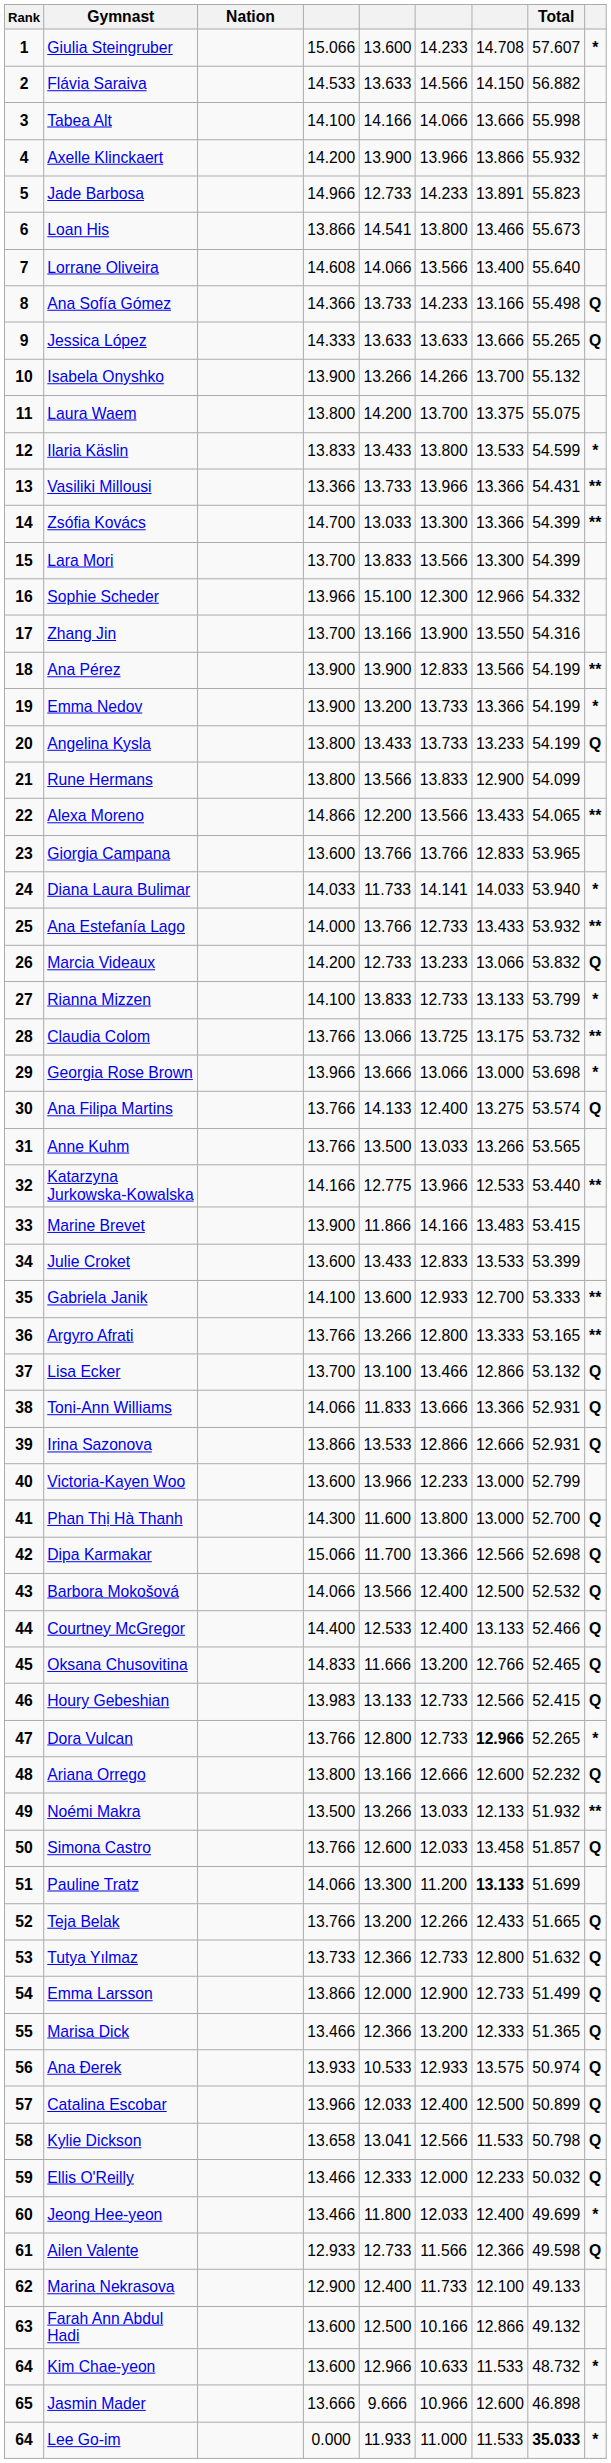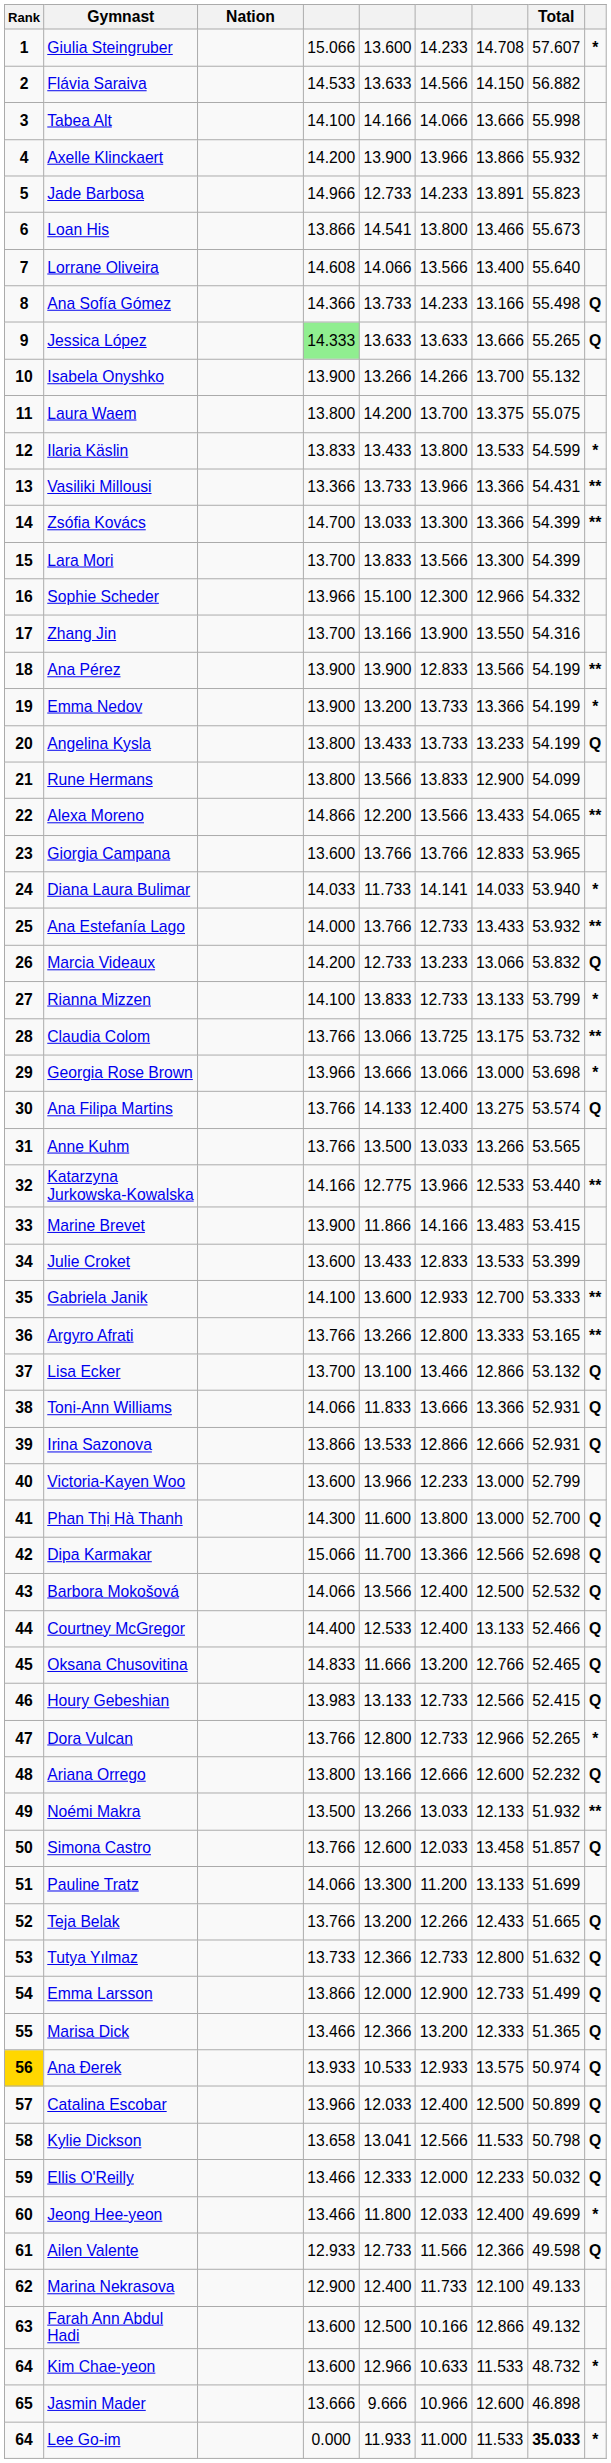 <table class="wikitable sortable" style="text-align:center;">
 <tr>
 <th scope="col" style="width:15px;"><small>Rank</small></th>
 <th scope="col" style="width:150px;">Gymnast</th>
 <th scope="col" style="width:100px;">Nation</th>
 <th scope="col" style="width:50px;"></th>
 <th scope="col" style="width:50px;"></th>
 <th scope="col" style="width:50px;"></th>
 <th scope="col" style="width:50px;"></th>
 <th scope="col" style="width:50px;">Total</th>
 <th scope="col" style="width:15px;"><small></small></th>
 </tr>
 <tr>
 <td scope="row" style="text-align:center"><strong>1</strong></td>
 <td style="height:30px; text-align:left;"><a href='#'>Giulia Steingruber</a></td>
 <td style="text-align:left;"></td>
 <td>15.066</td>
 <td>13.600</td>
 <td>14.233</td>
 <td>14.708</td>
 <td>57.607</td>
 <td><strong>*</strong></td>
 </tr>
 <tr>
 <td scope="row" style="text-align:center"><strong>2</strong></td>
 <td style="height:30px; text-align:left;"><a href='#'>Flávia Saraiva</a></td>
 <td style="text-align:left;"></td>
 <td>14.533</td>
 <td>13.633</td>
 <td>14.566</td>
 <td>14.150</td>
 <td>56.882</td>
 <td></td>
 </tr>
 <tr>
 <td scope="row" style="text-align:center"><strong>3</strong></td>
 <td style="height:30px; text-align:left;"><a href='#'>Tabea Alt</a></td>
 <td style="text-align:left;"></td>
 <td>14.100</td>
 <td>14.166</td>
 <td>14.066</td>
 <td>13.666</td>
 <td>55.998</td>
 <td></td>
 </tr>
 <tr>
 <td scope="row" style="text-align:center"><strong>4</strong></td>
 <td style="height:30px; text-align:left;"><a href='#'>Axelle Klinckaert</a></td>
 <td style="text-align:left;"></td>
 <td>14.200</td>
 <td>13.900</td>
 <td>13.966</td>
 <td>13.866</td>
 <td>55.932</td>
 <td></td>
 </tr>
 <tr>
 <td scope="row" style="text-align:center"><strong>5</strong></td>
 <td style="height:30px; text-align:left;"><a href='#'>Jade Barbosa</a></td>
 <td style="text-align:left;"></td>
 <td>14.966</td>
 <td>12.733</td>
 <td>14.233</td>
 <td>13.891</td>
 <td>55.823</td>
 <td></td>
 </tr>
 <tr>
 <td scope="row" style="text-align:center"><strong>6</strong></td>
 <td style="height:30px; text-align:left;"><a href='#'>Loan His</a></td>
 <td style="text-align:left;"></td>
 <td>13.866</td>
 <td>14.541</td>
 <td>13.800</td>
 <td>13.466</td>
 <td>55.673</td>
 <td></td>
 </tr>
 <tr>
 <td scope="row" style="text-align:center"><strong>7</strong></td>
 <td style="height:30px; text-align:left;"><a href='#'>Lorrane Oliveira</a></td>
 <td style="text-align:left;"></td>
 <td>14.608</td>
 <td>14.066</td>
 <td>13.566</td>
 <td>13.400</td>
 <td>55.640</td>
 <td></td>
 </tr>
 <tr>
 <td scope="row" style="text-align:center"><strong>8</strong></td>
 <td style="height:30px; text-align:left;"><a href='#'>Ana Sofía Gómez</a></td>
 <td style="text-align:left;"></td>
 <td>14.366</td>
 <td>13.733</td>
 <td>14.233</td>
 <td>13.166</td>
 <td>55.498</td>
 <td><strong>Q</strong></td>
 </tr>
 <tr>
 <td scope="row" style="text-align:center"><strong>9</strong></td>
 <td style="height:30px; text-align:left;"><a href='#'>Jessica López</a></td>
 <td style="text-align:left;"></td>
-<td>14.333</td>
+<td style="background: lightgreen;">14.333</td>
 <td>13.633</td>
 <td>13.633</td>
 <td>13.666</td>
 <td>55.265</td>
 <td><strong>Q</strong></td>
 </tr>
 <tr>
 <td scope="row" style="text-align:center"><strong>10</strong></td>
 <td style="height:30px; text-align:left;"><a href='#'>Isabela Onyshko</a></td>
 <td style="text-align:left;"></td>
 <td>13.900</td>
 <td>13.266</td>
 <td>14.266</td>
 <td>13.700</td>
 <td>55.132</td>
 <td></td>
 </tr>
 <tr>
 <td scope="row" style="text-align:center"><strong>11</strong></td>
 <td style="height:30px; text-align:left;"><a href='#'>Laura Waem</a></td>
 <td style="text-align:left;"></td>
 <td>13.800</td>
 <td>14.200</td>
 <td>13.700</td>
 <td>13.375</td>
 <td>55.075</td>
 <td></td>
 </tr>
 <tr>
 <td scope="row" style="text-align:center"><strong>12</strong></td>
 <td style="height:30px; text-align:left;"><a href='#'>Ilaria Käslin</a></td>
 <td style="text-align:left;"></td>
 <td>13.833</td>
 <td>13.433</td>
 <td>13.800</td>
 <td>13.533</td>
 <td>54.599</td>
 <td><strong>*</strong></td>
 </tr>
 <tr>
 <td scope="row" style="text-align:center"><strong>13</strong></td>
 <td style="height:30px; text-align:left;"><a href='#'>Vasiliki Millousi</a></td>
 <td style="text-align:left;"></td>
 <td>13.366</td>
 <td>13.733</td>
 <td>13.966</td>
 <td>13.366</td>
 <td>54.431</td>
 <td><strong>**</strong></td>
 </tr>
 <tr>
 <td scope="row" style="text-align:center"><strong>14</strong></td>
 <td style="height:30px; text-align:left;"><a href='#'>Zsófia Kovács</a></td>
 <td style="text-align:left;"></td>
 <td>14.700</td>
 <td>13.033</td>
 <td>13.300</td>
 <td>13.366</td>
 <td>54.399</td>
 <td><strong>**</strong></td>
 </tr>
 <tr>
 <td scope="row" style="text-align:center"><strong>15</strong></td>
 <td style="height:30px; text-align:left;"><a href='#'>Lara Mori</a></td>
 <td style="text-align:left;"></td>
 <td>13.700</td>
 <td>13.833</td>
 <td>13.566</td>
 <td>13.300</td>
 <td>54.399</td>
 <td></td>
 </tr>
 <tr>
 <td scope="row" style="text-align:center"><strong>16</strong></td>
 <td style="height:30px; text-align:left;"><a href='#'>Sophie Scheder</a></td>
 <td style="text-align:left;"></td>
 <td>13.966</td>
 <td>15.100</td>
 <td>12.300</td>
 <td>12.966</td>
 <td>54.332</td>
 <td></td>
 </tr>
 <tr>
 <td scope="row" style="text-align:center"><strong>17</strong></td>
 <td style="height:30px; text-align:left;"><a href='#'>Zhang Jin</a></td>
 <td style="text-align:left;"></td>
 <td>13.700</td>
 <td>13.166</td>
 <td>13.900</td>
 <td>13.550</td>
 <td>54.316</td>
 <td></td>
 </tr>
 <tr>
 <td scope="row" style="text-align:center"><strong>18</strong></td>
 <td style="height:30px; text-align:left;"><a href='#'>Ana Pérez</a></td>
 <td style="text-align:left;"></td>
 <td>13.900</td>
 <td>13.900</td>
 <td>12.833</td>
 <td>13.566</td>
 <td>54.199</td>
 <td><strong>**</strong></td>
 </tr>
 <tr>
 <td scope="row" style="text-align:center"><strong>19</strong></td>
 <td style="height:30px; text-align:left;"><a href='#'>Emma Nedov</a></td>
 <td style="text-align:left;"></td>
 <td>13.900</td>
 <td>13.200</td>
 <td>13.733</td>
 <td>13.366</td>
 <td>54.199</td>
 <td><strong>*</strong></td>
 </tr>
 <tr>
 <td scope="row" style="text-align:center"><strong>20</strong></td>
 <td style="height:30px; text-align:left;"><a href='#'>Angelina Kysla</a></td>
 <td style="text-align:left;"></td>
 <td>13.800</td>
 <td>13.433</td>
 <td>13.733</td>
 <td>13.233</td>
 <td>54.199</td>
 <td><strong>Q</strong></td>
 </tr>
 <tr>
 <td scope="row" style="text-align:center"><strong>21</strong></td>
 <td style="height:30px; text-align:left;"><a href='#'>Rune Hermans</a></td>
 <td style="text-align:left;"></td>
 <td>13.800</td>
 <td>13.566</td>
 <td>13.833</td>
 <td>12.900</td>
 <td>54.099</td>
 <td></td>
 </tr>
 <tr>
 <td scope="row" style="text-align:center"><strong>22</strong></td>
 <td style="height:30px; text-align:left;"><a href='#'>Alexa Moreno</a></td>
 <td style="text-align:left;"></td>
 <td>14.866</td>
 <td>12.200</td>
 <td>13.566</td>
 <td>13.433</td>
 <td>54.065</td>
 <td><strong>**</strong></td>
 </tr>
 <tr>
 <td scope="row" style="text-align:center"><strong>23</strong></td>
 <td style="height:30px; text-align:left;"><a href='#'>Giorgia Campana</a></td>
 <td style="text-align:left;"></td>
 <td>13.600</td>
 <td>13.766</td>
 <td>13.766</td>
 <td>12.833</td>
 <td>53.965</td>
 <td></td>
 </tr>
 <tr>
 <td scope="row" style="text-align:center"><strong>24</strong></td>
 <td style="height:30px; text-align:left;"><a href='#'>Diana Laura Bulimar</a></td>
 <td style="text-align:left;"></td>
 <td>14.033</td>
 <td>11.733</td>
 <td>14.141</td>
 <td>14.033</td>
 <td>53.940</td>
 <td><strong>*</strong></td>
 </tr>
 <tr>
 <td scope="row" style="text-align:center"><strong>25</strong></td>
 <td style="height:30px; text-align:left;"><a href='#'>Ana Estefanía Lago</a></td>
 <td style="text-align:left;"></td>
 <td>14.000</td>
 <td>13.766</td>
 <td>12.733</td>
 <td>13.433</td>
 <td>53.932</td>
 <td><strong>**</strong></td>
 </tr>
 <tr>
 <td scope="row" style="text-align:center"><strong>26</strong></td>
 <td style="height:30px; text-align:left;"><a href='#'>Marcia Videaux</a></td>
 <td style="text-align:left;"></td>
 <td>14.200</td>
 <td>12.733</td>
 <td>13.233</td>
 <td>13.066</td>
 <td>53.832</td>
 <td><strong>Q</strong></td>
 </tr>
 <tr>
 <td scope="row" style="text-align:center"><strong>27</strong></td>
 <td style="height:30px; text-align:left;"><a href='#'>Rianna Mizzen</a></td>
 <td style="text-align:left;"></td>
 <td>14.100</td>
 <td>13.833</td>
 <td>12.733</td>
 <td>13.133</td>
 <td>53.799</td>
 <td><strong>*</strong></td>
 </tr>
 <tr>
 <td scope="row" style="text-align:center"><strong>28</strong></td>
 <td style="height:30px; text-align:left;"><a href='#'>Claudia Colom</a></td>
 <td style="text-align:left;"></td>
 <td>13.766</td>
 <td>13.066</td>
 <td>13.725</td>
 <td>13.175</td>
 <td>53.732</td>
 <td><strong>**</strong></td>
 </tr>
 <tr>
 <td scope="row" style="text-align:center"><strong>29</strong></td>
 <td style="height:30px; text-align:left;"><a href='#'>Georgia Rose Brown</a></td>
 <td style="text-align:left;"></td>
 <td>13.966</td>
 <td>13.666</td>
 <td>13.066</td>
 <td>13.000</td>
 <td>53.698</td>
 <td><strong>*</strong></td>
 </tr>
 <tr>
 <td scope="row" style="text-align:center"><strong>30</strong></td>
 <td style="height:30px; text-align:left;"><a href='#'>Ana Filipa Martins</a></td>
 <td style="text-align:left;"></td>
 <td>13.766</td>
 <td>14.133</td>
 <td>12.400</td>
 <td>13.275</td>
 <td>53.574</td>
 <td><strong>Q</strong></td>
 </tr>
 <tr>
 <td scope="row" style="text-align:center"><strong>31</strong></td>
 <td style="height:30px; text-align:left;"><a href='#'>Anne Kuhm</a></td>
 <td style="text-align:left;"></td>
 <td>13.766</td>
 <td>13.500</td>
 <td>13.033</td>
 <td>13.266</td>
 <td>53.565</td>
 <td></td>
 </tr>
 <tr>
 <td scope="row" style="text-align:center"><strong>32</strong></td>
 <td style="height:30px; text-align:left;"><a href='#'>Katarzyna Jurkowska-Kowalska</a></td>
 <td style="text-align:left;"></td>
 <td>14.166</td>
 <td>12.775</td>
 <td>13.966</td>
 <td>12.533</td>
 <td>53.440</td>
 <td><strong>**</strong></td>
 </tr>
 <tr>
 <td scope="row" style="text-align:center"><strong>33</strong></td>
 <td style="height:30px; text-align:left;"><a href='#'>Marine Brevet</a></td>
 <td style="text-align:left;"></td>
 <td>13.900</td>
 <td>11.866</td>
 <td>14.166</td>
 <td>13.483</td>
 <td>53.415</td>
 <td></td>
 </tr>
 <tr>
 <td scope="row" style="text-align:center"><strong>34</strong></td>
 <td style="height:30px; text-align:left;"><a href='#'>Julie Croket</a></td>
 <td style="text-align:left;"></td>
 <td>13.600</td>
 <td>13.433</td>
 <td>12.833</td>
 <td>13.533</td>
 <td>53.399</td>
 <td></td>
 </tr>
 <tr>
 <td scope="row" style="text-align:center"><strong>35</strong></td>
 <td style="height:30px; text-align:left;"><a href='#'>Gabriela Janik</a></td>
 <td style="text-align:left;"></td>
 <td>14.100</td>
 <td>13.600</td>
 <td>12.933</td>
 <td>12.700</td>
 <td>53.333</td>
 <td><strong>**</strong></td>
 </tr>
 <tr>
 <td scope="row" style="text-align:center"><strong>36</strong></td>
 <td style="height:30px; text-align:left;"><a href='#'>Argyro Afrati</a></td>
 <td style="text-align:left;"></td>
 <td>13.766</td>
 <td>13.266</td>
 <td>12.800</td>
 <td>13.333</td>
 <td>53.165</td>
 <td><strong>**</strong></td>
 </tr>
 <tr>
 <td scope="row" style="text-align:center"><strong>37</strong></td>
 <td style="height:30px; text-align:left;"><a href='#'>Lisa Ecker</a></td>
 <td style="text-align:left;"></td>
 <td>13.700</td>
 <td>13.100</td>
 <td>13.466</td>
 <td>12.866</td>
 <td>53.132</td>
 <td><strong>Q</strong></td>
 </tr>
 <tr>
 <td scope="row" style="text-align:center"><strong>38</strong></td>
 <td style="height:30px; text-align:left;"><a href='#'>Toni-Ann Williams</a></td>
 <td style="text-align:left;"></td>
 <td>14.066</td>
 <td>11.833</td>
 <td>13.666</td>
 <td>13.366</td>
 <td>52.931</td>
 <td><strong>Q</strong></td>
 </tr>
 <tr>
 <td scope="row" style="text-align:center"><strong>39</strong></td>
 <td style="height:30px; text-align:left;"><a href='#'>Irina Sazonova</a></td>
 <td style="text-align:left;"></td>
 <td>13.866</td>
 <td>13.533</td>
 <td>12.866</td>
 <td>12.666</td>
 <td>52.931</td>
 <td><strong>Q</strong></td>
 </tr>
 <tr>
 <td scope="row" style="text-align:center"><strong>40</strong></td>
 <td style="height:30px; text-align:left;"><a href='#'>Victoria-Kayen Woo</a></td>
 <td style="text-align:left;"></td>
 <td>13.600</td>
 <td>13.966</td>
 <td>12.233</td>
 <td>13.000</td>
 <td>52.799</td>
 <td></td>
 </tr>
 <tr>
 <td scope="row" style="text-align:center"><strong>41</strong></td>
 <td style="height:30px; text-align:left;"><a href='#'>Phan Thị Hà Thanh</a></td>
 <td style="text-align:left;"></td>
 <td>14.300</td>
 <td>11.600</td>
 <td>13.800</td>
 <td>13.000</td>
 <td>52.700</td>
 <td><strong>Q</strong></td>
 </tr>
 <tr>
 <td scope="row" style="text-align:center"><strong>42</strong></td>
 <td style="height:30px; text-align:left;"><a href='#'>Dipa Karmakar</a></td>
 <td style="text-align:left;"></td>
 <td>15.066</td>
 <td>11.700</td>
 <td>13.366</td>
 <td>12.566</td>
 <td>52.698</td>
 <td><strong>Q</strong></td>
 </tr>
 <tr>
 <td scope="row" style="text-align:center"><strong>43</strong></td>
 <td style="height:30px; text-align:left;"><a href='#'>Barbora Mokošová</a></td>
 <td style="text-align:left;"></td>
 <td>14.066</td>
 <td>13.566</td>
 <td>12.400</td>
 <td>12.500</td>
 <td>52.532</td>
 <td><strong>Q</strong></td>
 </tr>
 <tr>
 <td scope="row" style="text-align:center"><strong>44</strong></td>
 <td style="height:30px; text-align:left;"><a href='#'>Courtney McGregor</a></td>
 <td style="text-align:left;"></td>
 <td>14.400</td>
 <td>12.533</td>
 <td>12.400</td>
 <td>13.133</td>
 <td>52.466</td>
 <td><strong>Q</strong></td>
 </tr>
 <tr>
 <td scope="row" style="text-align:center"><strong>45</strong></td>
 <td style="height:30px; text-align:left;"><a href='#'>Oksana Chusovitina</a></td>
 <td style="text-align:left;"></td>
 <td>14.833</td>
 <td>11.666</td>
 <td>13.200</td>
 <td>12.766</td>
 <td>52.465</td>
 <td><strong>Q</strong></td>
 </tr>
 <tr>
 <td scope="row" style="text-align:center"><strong>46</strong></td>
 <td style="height:30px; text-align:left;"><a href='#'>Houry Gebeshian</a></td>
 <td style="text-align:left;"></td>
 <td>13.983</td>
 <td>13.133</td>
 <td>12.733</td>
 <td>12.566</td>
 <td>52.415</td>
 <td><strong>Q</strong></td>
 </tr>
 <tr>
 <td scope="row" style="text-align:center"><strong>47</strong></td>
 <td style="height:30px; text-align:left;"><a href='#'>Dora Vulcan</a></td>
 <td style="text-align:left;"></td>
 <td>13.766</td>
 <td>12.800</td>
 <td>12.733</td>
-<td><strong>12.966</strong></td>
+<td>12.966</td>
 <td>52.265</td>
 <td><strong>*</strong></td>
 </tr>
 <tr>
 <td scope="row" style="text-align:center"><strong>48</strong></td>
 <td style="height:30px; text-align:left;"><a href='#'>Ariana Orrego</a></td>
 <td style="text-align:left;"></td>
 <td>13.800</td>
 <td>13.166</td>
 <td>12.666</td>
 <td>12.600</td>
 <td>52.232</td>
 <td><strong>Q</strong></td>
 </tr>
 <tr>
 <td scope="row" style="text-align:center"><strong>49</strong></td>
 <td style="height:30px; text-align:left;"><a href='#'>Noémi Makra</a></td>
 <td style="text-align:left;"></td>
 <td>13.500</td>
 <td>13.266</td>
 <td>13.033</td>
 <td>12.133</td>
 <td>51.932</td>
 <td><strong>**</strong></td>
 </tr>
 <tr>
 <td scope="row" style="text-align:center"><strong>50</strong></td>
 <td style="height:30px; text-align:left;"><a href='#'>Simona Castro</a></td>
 <td style="text-align:left;"></td>
 <td>13.766</td>
 <td>12.600</td>
 <td>12.033</td>
 <td>13.458</td>
 <td>51.857</td>
 <td><strong>Q</strong></td>
 </tr>
 <tr>
 <td scope="row" style="text-align:center"><strong>51</strong></td>
 <td style="height:30px; text-align:left;"><a href='#'>Pauline Tratz</a></td>
 <td style="text-align:left;"></td>
 <td>14.066</td>
 <td>13.300</td>
 <td>11.200</td>
-<td><strong>13.133</strong></td>
+<td>13.133</td>
 <td>51.699</td>
 <td></td>
 </tr>
 <tr>
 <td scope="row" style="text-align:center"><strong>52</strong></td>
 <td style="height:30px; text-align:left;"><a href='#'>Teja Belak</a></td>
 <td style="text-align:left;"></td>
 <td>13.766</td>
 <td>13.200</td>
 <td>12.266</td>
 <td>12.433</td>
 <td>51.665</td>
 <td><strong>Q</strong></td>
 </tr>
 <tr>
 <td scope="row" style="text-align:center"><strong>53</strong></td>
 <td style="height:30px; text-align:left;"><a href='#'>Tutya Yılmaz</a></td>
 <td style="text-align:left;"></td>
 <td>13.733</td>
 <td>12.366</td>
 <td>12.733</td>
 <td>12.800</td>
 <td>51.632</td>
 <td><strong>Q</strong></td>
 </tr>
 <tr>
 <td scope="row" style="text-align:center"><strong>54</strong></td>
 <td style="height:30px; text-align:left;"><a href='#'>Emma Larsson</a></td>
 <td style="text-align:left;"></td>
 <td>13.866</td>
 <td>12.000</td>
 <td>12.900</td>
 <td>12.733</td>
 <td>51.499</td>
 <td><strong>Q</strong></td>
 </tr>
 <tr>
 <td scope="row" style="text-align:center"><strong>55</strong></td>
 <td style="height:30px; text-align:left;"><a href='#'>Marisa Dick</a></td>
 <td style="text-align:left;"></td>
 <td>13.466</td>
 <td>12.366</td>
 <td>13.200</td>
 <td>12.333</td>
 <td>51.365</td>
 <td><strong>Q</strong></td>
 </tr>
 <tr>
-<td scope="row" style="text-align:center"><strong>56</strong></td>
+<td scope="row" style="background: gold; text-align:center"><strong>56</strong></td>
 <td style="height:30px; text-align:left;"><a href='#'>Ana Đerek</a></td>
 <td style="text-align:left;"></td>
 <td>13.933</td>
 <td>10.533</td>
 <td>12.933</td>
 <td>13.575</td>
 <td>50.974</td>
 <td><strong>Q</strong></td>
 </tr>
 <tr>
 <td scope="row" style="text-align:center"><strong>57</strong></td>
 <td style="height:30px; text-align:left;"><a href='#'>Catalina Escobar</a></td>
 <td style="text-align:left;"></td>
 <td>13.966</td>
 <td>12.033</td>
 <td>12.400</td>
 <td>12.500</td>
 <td>50.899</td>
 <td><strong>Q</strong></td>
 </tr>
 <tr>
 <td scope="row" style="text-align:center"><strong>58</strong></td>
 <td style="height:30px; text-align:left;"><a href='#'>Kylie Dickson</a></td>
 <td style="text-align:left;"></td>
 <td>13.658</td>
 <td>13.041</td>
 <td>12.566</td>
 <td>11.533</td>
 <td>50.798</td>
 <td><strong>Q</strong></td>
 </tr>
 <tr>
 <td scope="row" style="text-align:center"><strong>59</strong></td>
 <td style="height:30px; text-align:left;"><a href='#'>Ellis O'Reilly</a></td>
 <td style="text-align:left;"></td>
 <td>13.466</td>
 <td>12.333</td>
 <td>12.000</td>
 <td>12.233</td>
 <td>50.032</td>
 <td><strong>Q</strong></td>
 </tr>
 <tr>
 <td scope="row" style="text-align:center"><strong>60</strong></td>
 <td style="height:30px; text-align:left;"><a href='#'>Jeong Hee-yeon</a></td>
 <td style="text-align:left;"></td>
 <td>13.466</td>
 <td>11.800</td>
 <td>12.033</td>
 <td>12.400</td>
 <td>49.699</td>
 <td><strong>*</strong></td>
 </tr>
 <tr>
 <td scope="row" style="text-align:center"><strong>61</strong></td>
 <td style="height:30px; text-align:left;"><a href='#'>Ailen Valente</a></td>
 <td style="text-align:left;"></td>
 <td>12.933</td>
 <td>12.733</td>
 <td>11.566</td>
 <td>12.366</td>
 <td>49.598</td>
 <td><strong>Q</strong></td>
 </tr>
 <tr>
 <td scope="row" style="text-align:center"><strong>62</strong></td>
 <td style="height:30px; text-align:left;"><a href='#'>Marina Nekrasova</a></td>
 <td style="text-align:left;"></td>
 <td>12.900</td>
 <td>12.400</td>
 <td>11.733</td>
 <td>12.100</td>
 <td>49.133</td>
 <td></td>
 </tr>
 <tr>
 <td scope="row" style="text-align:center"><strong>63</strong></td>
 <td style="height:30px; text-align:left;"><a href='#'>Farah Ann Abdul Hadi</a></td>
 <td style="text-align:left;"></td>
 <td>13.600</td>
 <td>12.500</td>
 <td>10.166</td>
 <td>12.866</td>
 <td>49.132</td>
 <td></td>
 </tr>
 <tr>
 <td scope="row" style="text-align:center"><strong>64</strong></td>
 <td style="height:30px; text-align:left;"><a href='#'>Kim Chae-yeon</a></td>
 <td style="text-align:left;"></td>
 <td>13.600</td>
 <td>12.966</td>
 <td>10.633</td>
 <td>11.533</td>
 <td>48.732</td>
 <td><strong>*</strong></td>
 </tr>
 <tr>
 <td scope="row" style="text-align:center"><strong>65</strong></td>
 <td style="height:30px; text-align:left;"><a href='#'>Jasmin Mader</a></td>
 <td style="text-align:left;"></td>
 <td>13.666</td>
 <td>9.666</td>
 <td>10.966</td>
 <td>12.600</td>
 <td>46.898</td>
 <td></td>
 </tr>
 <tr>
 <td scope="row" style="text-align:center"><strong>64</strong></td>
 <td style="height:30px; text-align:left;"><a href='#'>Lee Go-im</a></td>
 <td style="text-align:left;"></td>
 <td>0.000</td>
 <td>11.933</td>
 <td>11.000</td>
 <td>11.533</td>
 <td><strong>35.033</strong></td>
 <td><strong>*</strong></td>
 </tr>
 </table>
